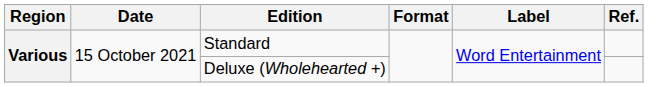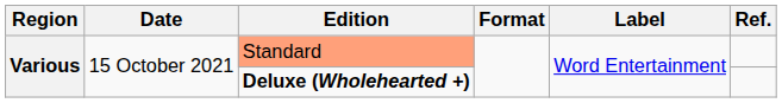 <table class="wikitable plainrowheaders">
 <tr>
 <th scope="col">Region</th>
 <th scope="col">Date</th>
 <th scope="col">Edition</th>
 <th scope="col">Format</th>
 <th scope="col">Label</th>
 <th scope="col">Ref.</th>
 </tr>
 <tr>
 <th scope="row" rowspan="2">Various</th>
 <td rowspan="2">15 October 2021</td>
-<td>Standard</td>
+<td style="background: lightsalmon;">Standard</td>
 <td rowspan="2"></td>
 <td rowspan="2"><a href='#'>Word Entertainment</a></td>
 <td></td>
 </tr>
 <tr>
-<td>Deluxe (<em>Wholehearted +</em>)</td>
+<td><strong>Deluxe (<em>Wholehearted +</em>)</strong></td>
 <td></td>
 </tr>
 </table>
